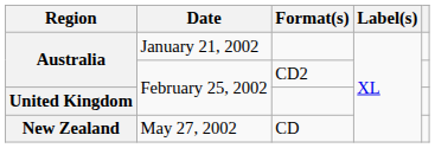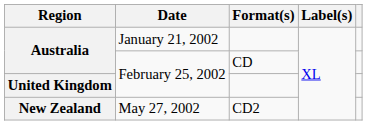 <table class="wikitable plainrowheaders">
 <tr>
 <th scope="col">Region</th>
 <th scope="col">Date</th>
 <th scope="col">Format(s)</th>
 <th scope="col">Label(s)</th>
 <th scope="col"></th>
 </tr>
 <tr>
 <th scope="row" rowspan="2">Australia</th>
 <td>January 21, 2002</td>
 <td></td>
 <td rowspan="4"><a href='#'>XL</a></td>
 <td align="center"></td>
 </tr>
 <tr>
 <td rowspan="2">February 25, 2002</td>
-<td>CD2</td>
+<td>CD</td>
 <td align="center"></td>
 </tr>
 <tr>
 <th scope="row">United Kingdom</th>
 <td></td>
 <td align="center"></td>
 </tr>
 <tr>
 <th scope="row">New Zealand</th>
 <td>May 27, 2002</td>
-<td>CD</td>
+<td>CD2</td>
 <td align="center"></td>
 </tr>
 </table>
